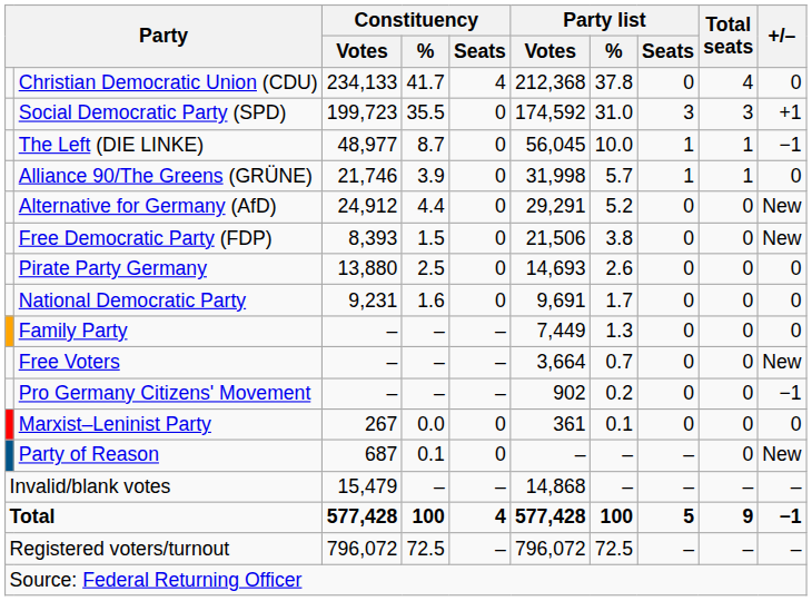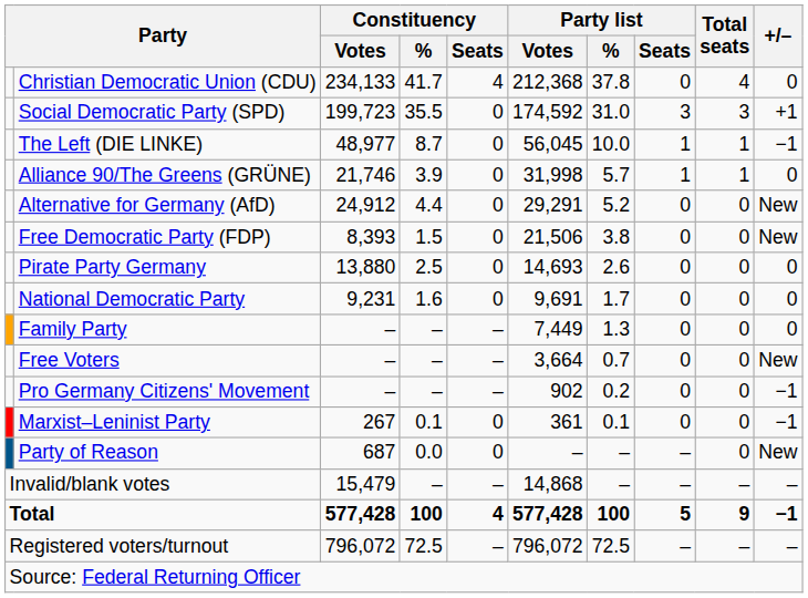 <table class="wikitable" style="text-align:right">
 <tr>
 <th colspan="2" rowspan="2">Party</th>
 <th colspan="3">Constituency</th>
 <th colspan="3">Party list</th>
 <th rowspan="2">Total<br>seats</th>
 <th rowspan="2">+/–</th>
 </tr>
 <tr>
 <th>Votes</th>
 <th>%</th>
 <th>Seats</th>
 <th>Votes</th>
 <th>%</th>
 <th>Seats</th>
 </tr>
 <tr>
 <td></td>
 <td align="left"><a href='#'>Christian Democratic Union</a> (CDU)</td>
 <td>234,133</td>
 <td>41.7</td>
 <td>4</td>
 <td>212,368</td>
 <td>37.8</td>
 <td>0</td>
 <td>4</td>
 <td>0</td>
 </tr>
 <tr>
 <td></td>
 <td align="left"><a href='#'>Social Democratic Party</a> (SPD)</td>
 <td>199,723</td>
 <td>35.5</td>
 <td>0</td>
 <td>174,592</td>
 <td>31.0</td>
 <td>3</td>
 <td>3</td>
 <td>+1</td>
 </tr>
 <tr>
 <td></td>
 <td align="left"><a href='#'>The Left</a> (DIE LINKE)</td>
 <td>48,977</td>
 <td>8.7</td>
 <td>0</td>
 <td>56,045</td>
 <td>10.0</td>
 <td>1</td>
 <td>1</td>
 <td>−1</td>
 </tr>
 <tr>
 <td></td>
 <td align="left"><a href='#'>Alliance 90/The Greens</a> (GRÜNE)</td>
 <td>21,746</td>
 <td>3.9</td>
 <td>0</td>
 <td>31,998</td>
 <td>5.7</td>
 <td>1</td>
 <td>1</td>
 <td>0</td>
 </tr>
 <tr>
 <td></td>
 <td align="left"><a href='#'>Alternative for Germany</a> (AfD)</td>
 <td>24,912</td>
 <td>4.4</td>
 <td>0</td>
 <td>29,291</td>
 <td>5.2</td>
 <td>0</td>
 <td>0</td>
 <td>New</td>
 </tr>
 <tr>
 <td></td>
 <td align="left"><a href='#'>Free Democratic Party</a> (FDP)</td>
 <td>8,393</td>
 <td>1.5</td>
 <td>0</td>
 <td>21,506</td>
 <td>3.8</td>
 <td>0</td>
 <td>0</td>
 <td>New</td>
 </tr>
 <tr>
 <td style="background-color:"></td>
 <td align="left"><a href='#'>Pirate Party Germany</a></td>
 <td>13,880</td>
 <td>2.5</td>
 <td>0</td>
 <td>14,693</td>
 <td>2.6</td>
 <td>0</td>
 <td>0</td>
 <td>0</td>
 </tr>
 <tr>
 <td style="background-color:"></td>
 <td align="left"><a href='#'>National Democratic Party</a></td>
 <td>9,231</td>
 <td>1.6</td>
 <td>0</td>
 <td>9,691</td>
 <td>1.7</td>
 <td>0</td>
 <td>0</td>
 <td>0</td>
 </tr>
 <tr>
 <td style="background-color:#FFA500"></td>
 <td align="left"><a href='#'>Family Party</a></td>
 <td>–</td>
 <td>–</td>
 <td>–</td>
 <td>7,449</td>
 <td>1.3</td>
 <td>0</td>
 <td>0</td>
 <td>0</td>
 </tr>
 <tr>
 <td style="background-color:"></td>
 <td align="left"><a href='#'>Free Voters</a></td>
 <td>–</td>
 <td>–</td>
 <td>–</td>
 <td>3,664</td>
 <td>0.7</td>
 <td>0</td>
 <td>0</td>
 <td>New</td>
 </tr>
 <tr>
 <td></td>
 <td align="left"><a href='#'>Pro Germany Citizens' Movement</a></td>
 <td>–</td>
 <td>–</td>
 <td>–</td>
 <td>902</td>
 <td>0.2</td>
 <td>0</td>
 <td>0</td>
 <td>−1</td>
 </tr>
 <tr>
 <td style="background-color:red"></td>
 <td align="left"><a href='#'>Marxist–Leninist Party</a></td>
 <td>267</td>
-<td>0.0</td>
+<td>0.1</td>
 <td>0</td>
 <td>361</td>
 <td>0.1</td>
 <td>0</td>
 <td>0</td>
-<td>0</td>
+<td>−1</td>
 </tr>
 <tr>
 <td style="background-color:#005488"></td>
 <td align="left"><a href='#'>Party of Reason</a></td>
 <td>687</td>
-<td>0.1</td>
+<td>0.0</td>
 <td>0</td>
 <td>–</td>
 <td>–</td>
 <td>–</td>
 <td>0</td>
 <td>New</td>
 </tr>
 <tr>
 <td colspan="2" align="left">Invalid/blank votes</td>
 <td>15,479</td>
 <td>–</td>
 <td>–</td>
 <td>14,868</td>
 <td>–</td>
 <td>–</td>
 <td>–</td>
 <td>–</td>
 </tr>
 <tr>
 <td colspan="2" align="left"><strong>Total</strong></td>
 <td><strong>577,428</strong></td>
 <td><strong>100</strong></td>
 <td><strong>4</strong></td>
 <td><strong>577,428</strong></td>
 <td><strong>100</strong></td>
 <td><strong>5</strong></td>
 <td><strong>9</strong></td>
 <td><strong>−1</strong></td>
 </tr>
 <tr>
 <td colspan="2" align="left">Registered voters/turnout</td>
 <td>796,072</td>
 <td>72.5</td>
 <td>–</td>
 <td>796,072</td>
 <td>72.5</td>
 <td>–</td>
 <td>–</td>
 <td>–</td>
 </tr>
 <tr>
 <td colspan="10" align="left">Source: <a href='#'>Federal Returning Officer</a></td>
 </tr>
 </table>
